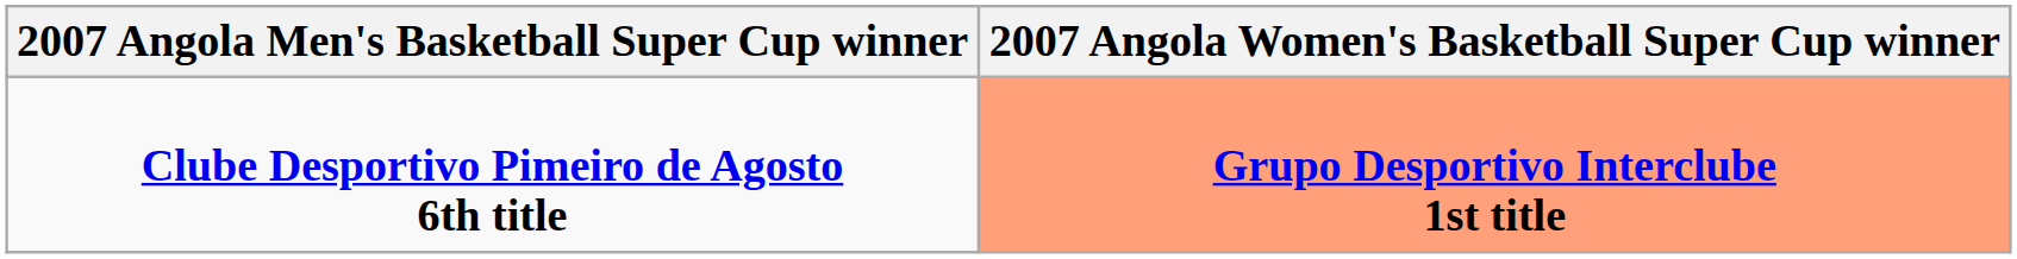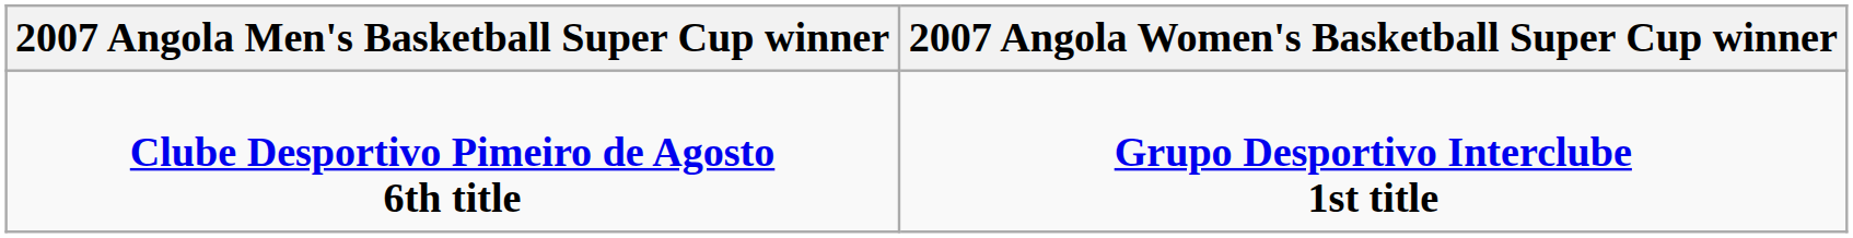 <table class=wikitable style="text-align:center; margin:auto">
 <tr>
 <th>2007 Angola Men's Basketball Super Cup winner</th>
 <th>2007 Angola Women's Basketball Super Cup winner</th>
 </tr>
 <tr>
 <td><br><strong><a href='#'>Clube Desportivo Pimeiro de Agosto</a></strong><br><strong>6th title</strong></td>
-<td style="background: lightsalmon;"><br><strong><a href='#'>Grupo Desportivo Interclube</a></strong><br><strong>1st title</strong></td>
+<td><br><strong><a href='#'>Grupo Desportivo Interclube</a></strong><br><strong>1st title</strong></td>
 </tr>
 </table>
